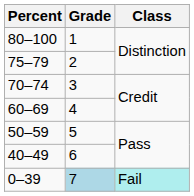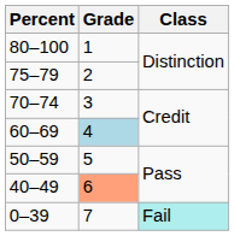 <table class="wikitable">
 <tr>
 <th>Percent</th>
 <th>Grade</th>
 <th>Class</th>
 </tr>
 <tr>
 <td>80–100</td>
 <td>1</td>
 <td rowspan="2">Distinction</td>
 </tr>
 <tr>
 <td>75–79</td>
 <td>2</td>
 </tr>
 <tr>
 <td>70–74</td>
 <td>3</td>
 <td rowspan="2">Credit</td>
 </tr>
 <tr>
 <td>60–69</td>
-<td>4</td>
+<td style="background: lightblue;">4</td>
 </tr>
 <tr>
 <td>50–59</td>
 <td>5</td>
 <td rowspan="2">Pass</td>
 </tr>
 <tr>
 <td>40–49</td>
-<td>6</td>
+<td style="background: lightsalmon;">6</td>
 </tr>
 <tr>
 <td>0–39</td>
-<td style="background: lightblue;">7</td>
+<td>7</td>
 <td style="background: paleturquoise;">Fail</td>
 </tr>
 </table>
